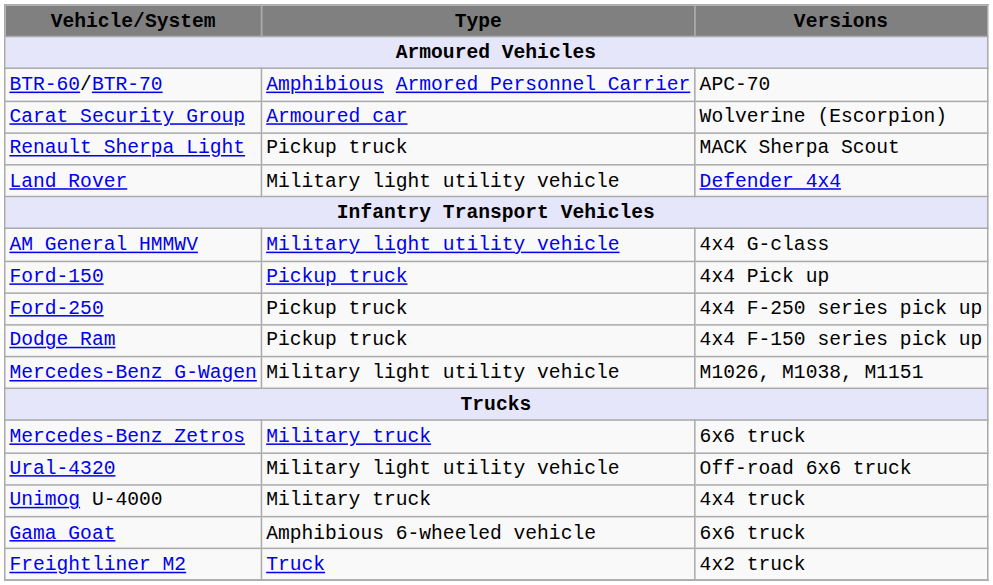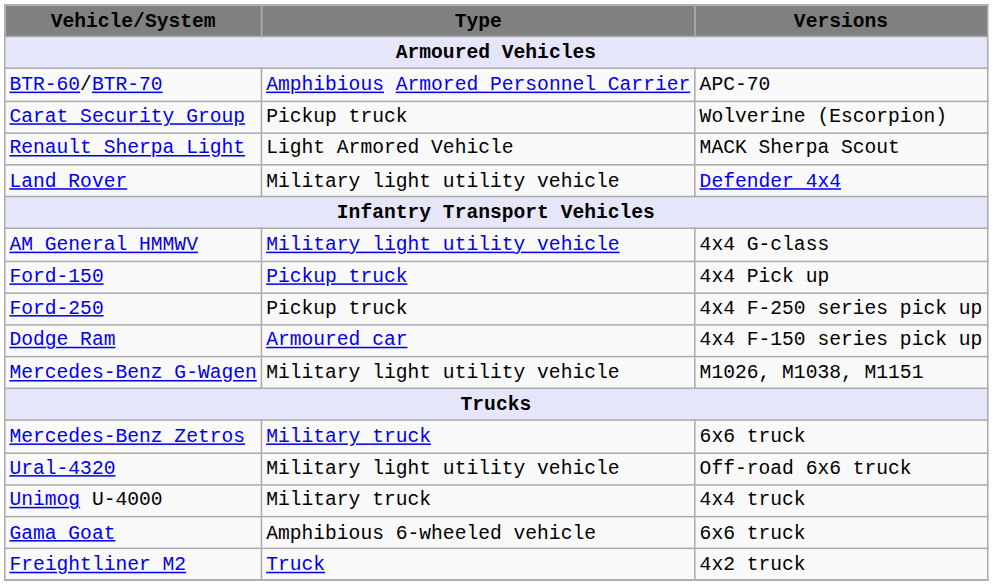 <table class="wikitable">
 <tr>
 <th style="color: #000000; background-color: grey;">Vehicle/System</th>
 <th style="color: #000000; background-color: grey;">Type</th>
 <th style="color: #000000; background-color: grey;">Versions</th>
 </tr>
 <tr>
 <th style="align: center; background: lavender;" colspan="5"><strong>Armoured Vehicles</strong></th>
 </tr>
 <tr>
 <td><a href='#'>BTR-60</a>/<a href='#'>BTR-70</a></td>
 <td><a href='#'>Amphibious</a> <a href='#'>Armored Personnel Carrier</a></td>
 <td>APC-70</td>
 </tr>
 <tr>
 <td><a href='#'>Carat Security Group</a></td>
-<td><a href='#'>Armoured car</a></td>
+<td>Pickup truck</td>
 <td>Wolverine (Escorpion)</td>
 </tr>
 <tr>
 <td><a href='#'>Renault Sherpa Light</a></td>
-<td>Pickup truck</td>
+<td>Light Armored Vehicle</td>
 <td>MACK Sherpa Scout</td>
 </tr>
 <tr>
 <td><a href='#'>Land Rover</a></td>
 <td>Military light utility vehicle</td>
 <td><a href='#'>Defender 4x4</a></td>
 </tr>
 <tr>
 <th style="align: center; background: lavender;" colspan="6"><strong>Infantry Transport Vehicles</strong></th>
 </tr>
 <tr>
 <td><a href='#'>AM General HMMWV</a></td>
 <td><a href='#'>Military light utility vehicle</a></td>
 <td>4x4 G-class</td>
 </tr>
 <tr>
 <td><a href='#'>Ford-150</a></td>
 <td><a href='#'>Pickup truck</a></td>
 <td>4x4 Pick up</td>
 </tr>
 <tr>
 <td><a href='#'>Ford-250</a></td>
 <td>Pickup truck</td>
 <td>4x4 F-250 series pick up</td>
 </tr>
 <tr>
 <td><a href='#'>Dodge Ram</a></td>
-<td>Pickup truck</td>
+<td><a href='#'>Armoured car</a></td>
 <td>4x4 F-150 series pick up</td>
 </tr>
 <tr>
 <td><a href='#'>Mercedes-Benz G-Wagen</a></td>
 <td>Military light utility vehicle</td>
 <td>M1026, M1038, M1151</td>
 </tr>
 <tr>
 <th style="align: center; background: lavender;" colspan="6"><strong>Trucks</strong></th>
 </tr>
 <tr>
 <td><a href='#'>Mercedes-Benz Zetros</a></td>
 <td><a href='#'>Military truck</a></td>
 <td>6x6 truck</td>
 </tr>
 <tr>
 <td><a href='#'>Ural-4320</a></td>
 <td>Military light utility vehicle</td>
 <td>Off-road 6x6 truck</td>
 </tr>
 <tr>
 <td><a href='#'>Unimog</a> U-4000</td>
 <td>Military truck</td>
 <td>4x4 truck</td>
 </tr>
 <tr>
 <td><a href='#'>Gama Goat</a></td>
 <td>Amphibious 6-wheeled vehicle</td>
 <td>6x6 truck</td>
 </tr>
 <tr>
 <td><a href='#'>Freightliner M2</a></td>
 <td><a href='#'>Truck</a></td>
 <td>4x2 truck</td>
 </tr>
 <tr>
 </tr>
 </table>
